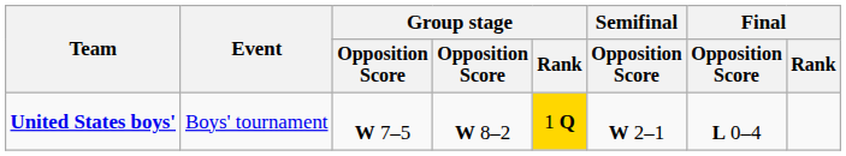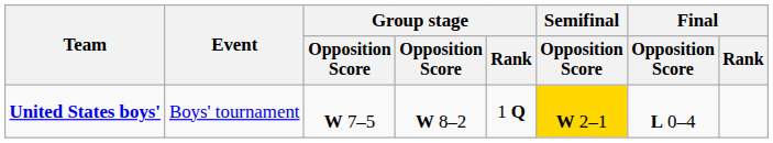 <table class="wikitable" style="font-size:90%">
 <tr>
 <th rowspan=2>Team</th>
 <th rowspan=2>Event</th>
 <th colspan=3>Group stage</th>
 <th>Semifinal</th>
 <th colspan=2>Final</th>
 </tr>
 <tr style="font-size:95%">
 <th>Opposition<br>Score</th>
 <th>Opposition<br>Score</th>
 <th>Rank</th>
 <th>Opposition<br>Score</th>
 <th>Opposition<br>Score</th>
 <th>Rank</th>
 </tr>
 <tr align=center>
 <td align=left><strong><a href='#'>United States boys'</a></strong></td>
 <td align=left><a href='#'>Boys' tournament</a></td>
 <td><br><strong>W</strong> 7–5</td>
 <td><br><strong>W</strong> 8–2</td>
-<td style="background: gold;">1 <strong>Q</strong></td>
-<td><br><strong>W</strong> 2–1</td>
+<td>1 <strong>Q</strong></td>
+<td style="background: gold;"><br><strong>W</strong> 2–1</td>
 <td><br><strong>L</strong> 0–4</td>
 <td></td>
 </tr>
 </table>
